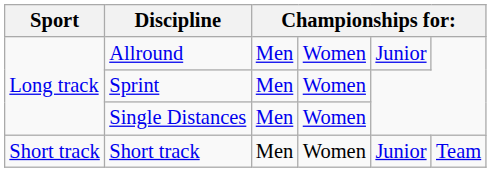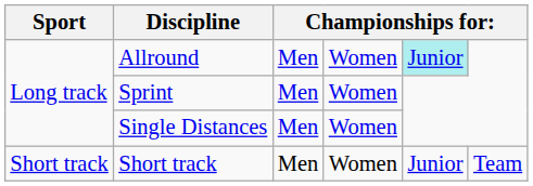 <table class="wikitable" border="1">
 <tr>
 <th>Sport</th>
 <th>Discipline</th>
 <th colspan=4>Championships for:</th>
 </tr>
 <tr>
 <td rowspan=3><a href='#'>Long track</a></td>
 <td><a href='#'>Allround</a></td>
 <td><a href='#'>Men</a></td>
 <td><a href='#'>Women</a></td>
-<td><a href='#'>Junior</a></td>
+<td style="background: paleturquoise;"><a href='#'>Junior</a></td>
 </tr>
 <tr>
 <td><a href='#'>Sprint</a></td>
 <td><a href='#'>Men</a></td>
 <td><a href='#'>Women</a></td>
 </tr>
 <tr>
 <td><a href='#'>Single Distances</a></td>
 <td><a href='#'>Men</a></td>
 <td><a href='#'>Women</a></td>
 </tr>
 <tr>
 <td><a href='#'>Short track</a></td>
 <td><a href='#'>Short track</a></td>
 <td>Men</td>
 <td>Women</td>
 <td><a href='#'>Junior</a></td>
 <td><a href='#'>Team</a></td>
 </tr>
 </table>
